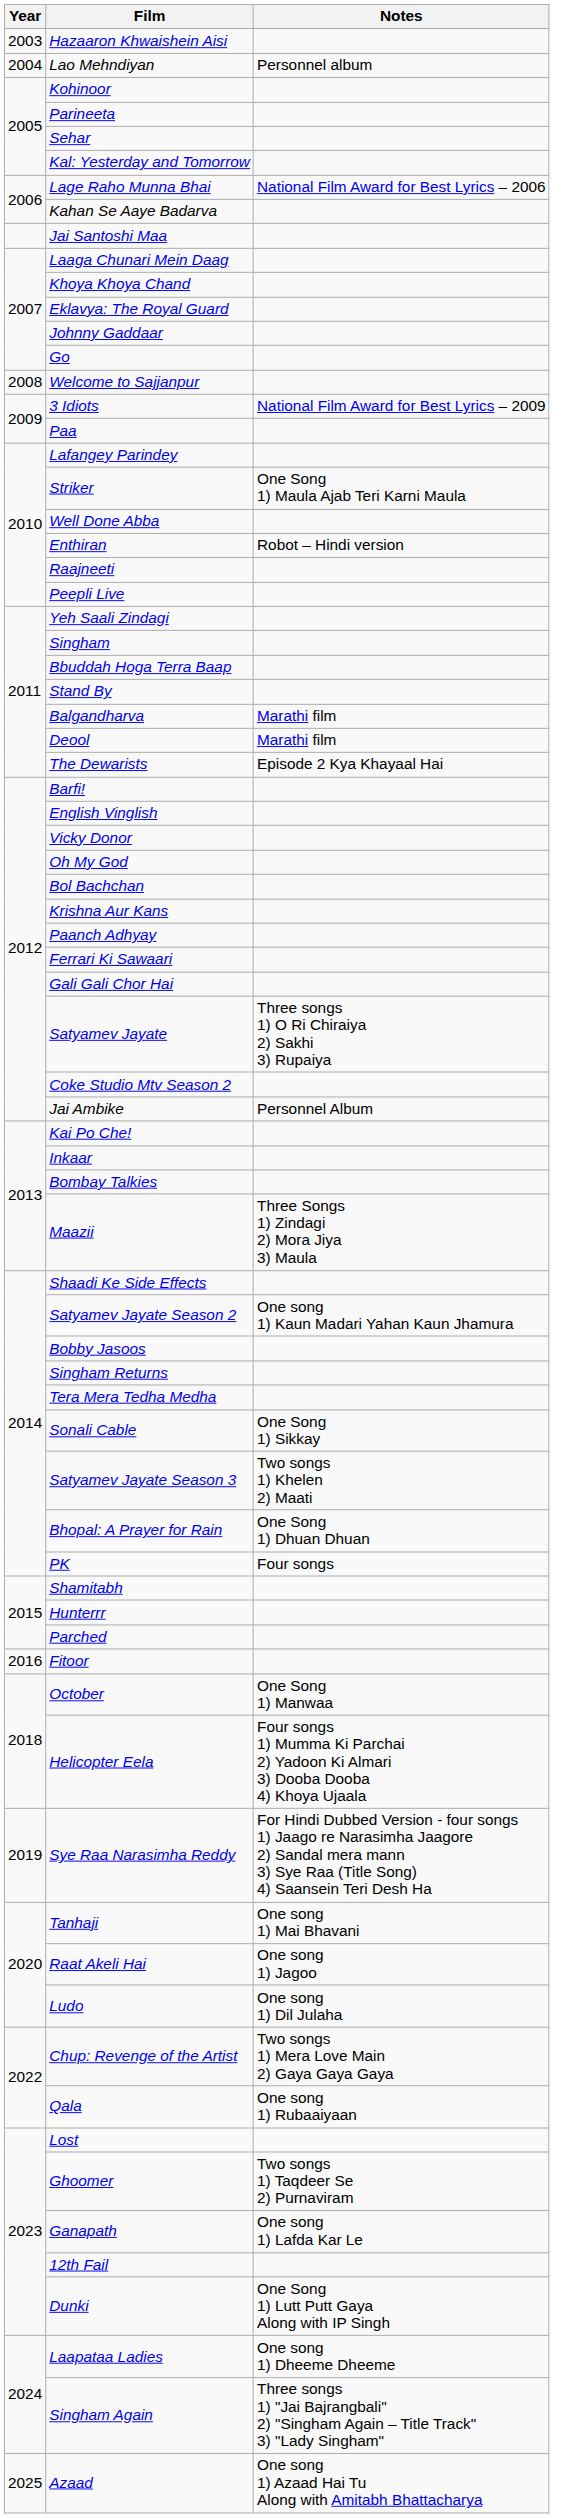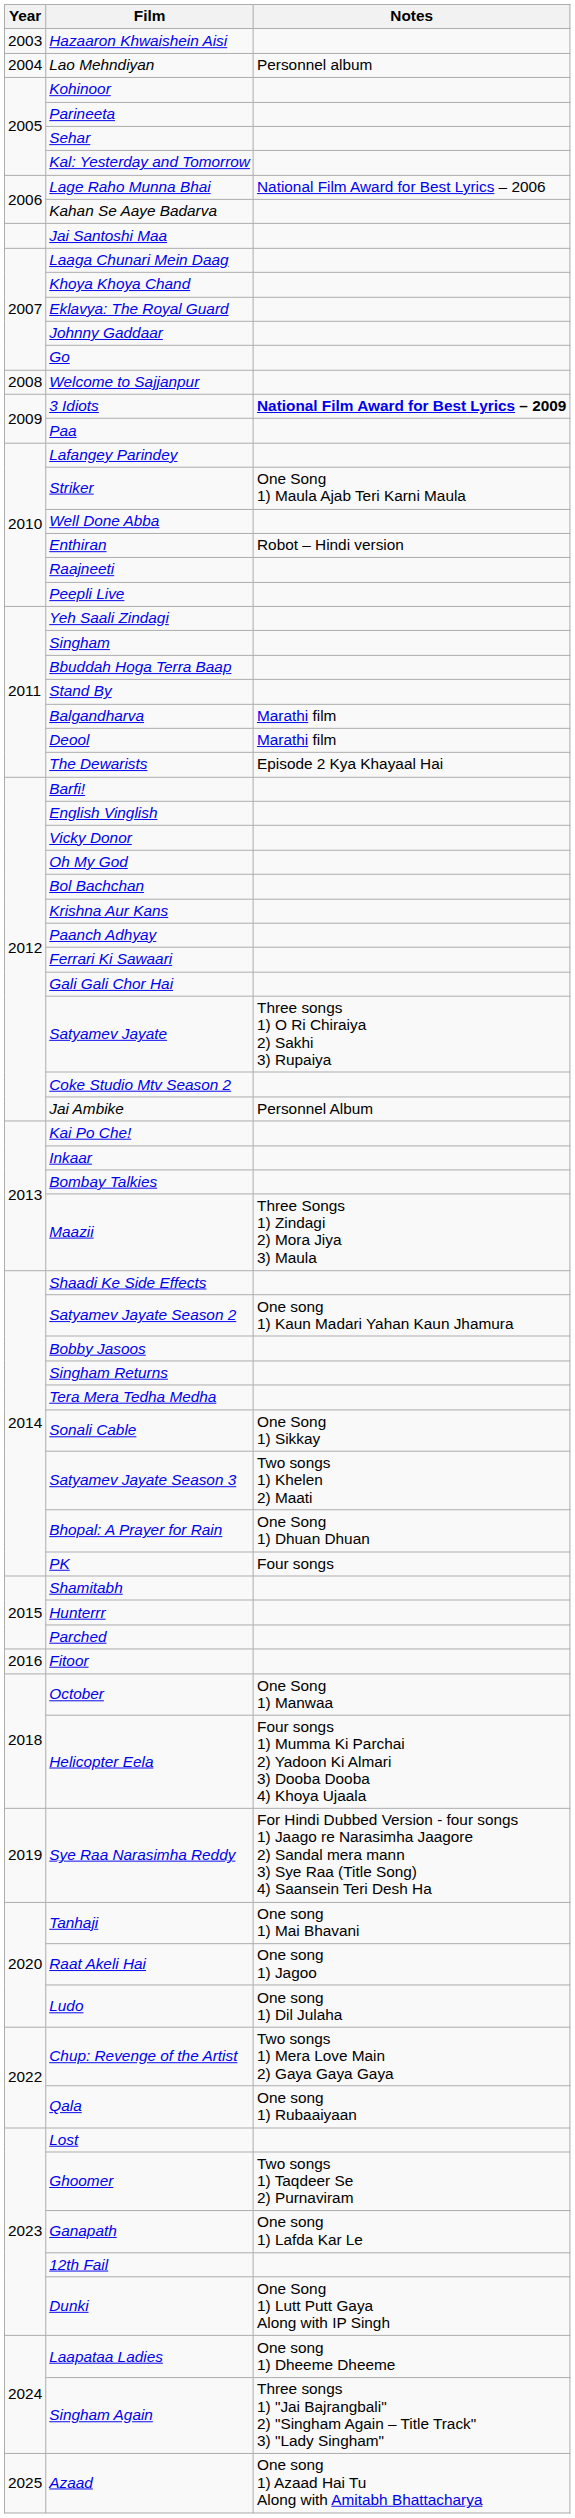 <table class="wikitable sortable">
 <tr style="background:#ccc; text-align:center;">
 <th>Year</th>
 <th>Film</th>
 <th>Notes</th>
 </tr>
 <tr>
 <td>2003</td>
 <td><em><a href='#'>Hazaaron Khwaishein Aisi</a></em></td>
 <td></td>
 </tr>
 <tr>
 <td>2004</td>
 <td><em>Lao Mehndiyan</em></td>
 <td>Personnel album</td>
 </tr>
 <tr>
 <td rowspan="4">2005</td>
 <td><em><a href='#'>Kohinoor</a></em></td>
 <td></td>
 </tr>
 <tr>
 <td><em><a href='#'>Parineeta</a></em></td>
 <td></td>
 </tr>
 <tr>
 <td><em><a href='#'>Sehar</a></em></td>
 <td></td>
 </tr>
 <tr>
 <td><em><a href='#'>Kal: Yesterday and Tomorrow</a></em></td>
 <td></td>
 </tr>
 <tr>
 <td rowspan="2">2006</td>
 <td><em><a href='#'>Lage Raho Munna Bhai</a></em></td>
 <td><a href='#'>National Film Award for Best Lyrics</a> – 2006</td>
 </tr>
 <tr>
 <td><em>Kahan Se Aaye Badarva</em></td>
 <td></td>
 </tr>
 <tr>
 <td></td>
 <td><em><a href='#'>Jai Santoshi Maa</a></em></td>
 <td></td>
 </tr>
 <tr>
 <td rowspan="5">2007</td>
 <td><em><a href='#'>Laaga Chunari Mein Daag</a></em></td>
 <td></td>
 </tr>
 <tr>
 <td><em><a href='#'>Khoya Khoya Chand</a></em></td>
 <td></td>
 </tr>
 <tr>
 <td><em><a href='#'>Eklavya: The Royal Guard</a></em></td>
 <td></td>
 </tr>
 <tr>
 <td><em><a href='#'>Johnny Gaddaar</a></em></td>
 <td></td>
 </tr>
 <tr>
 <td><a href='#'><em>Go</em></a></td>
 <td></td>
 </tr>
 <tr>
 <td>2008</td>
 <td><em><a href='#'>Welcome to Sajjanpur</a></em></td>
 <td></td>
 </tr>
 <tr>
 <td rowspan="2">2009</td>
 <td><em><a href='#'>3 Idiots</a></em></td>
-<td><a href='#'>National Film Award for Best Lyrics</a> – 2009</td>
+<td><strong><a href='#'>National Film Award for Best Lyrics</a> – 2009</strong></td>
 </tr>
 <tr>
 <td><a href='#'><em>Paa</em></a></td>
 <td></td>
 </tr>
 <tr>
 <td rowspan="6">2010</td>
 <td><em><a href='#'>Lafangey Parindey</a></em></td>
 <td></td>
 </tr>
 <tr>
 <td><a href='#'><em>Striker</em></a></td>
 <td>One Song<br>1) Maula Ajab Teri Karni Maula</td>
 </tr>
 <tr>
 <td><em><a href='#'>Well Done Abba</a></em></td>
 <td></td>
 </tr>
 <tr>
 <td><em><a href='#'>Enthiran</a></em></td>
 <td>Robot – Hindi version</td>
 </tr>
 <tr>
 <td><em><a href='#'>Raajneeti</a></em></td>
 <td></td>
 </tr>
 <tr>
 <td><em><a href='#'>Peepli Live</a></em></td>
 <td></td>
 </tr>
 <tr>
 <td rowspan="7">2011</td>
 <td><em><a href='#'>Yeh Saali Zindagi</a></em></td>
 <td></td>
 </tr>
 <tr>
 <td><em><a href='#'>Singham</a></em></td>
 <td></td>
 </tr>
 <tr>
 <td><a href='#'><em>Bbuddah Hoga Terra Baap</em></a></td>
 <td></td>
 </tr>
 <tr>
 <td><a href='#'><em>Stand By</em></a></td>
 <td></td>
 </tr>
 <tr>
 <td><a href='#'><em>Balgandharva</em></a></td>
 <td><a href='#'>Marathi</a> film</td>
 </tr>
 <tr>
 <td><em><a href='#'>Deool</a></em></td>
 <td><a href='#'>Marathi</a> film</td>
 </tr>
 <tr>
 <td><em><a href='#'>The Dewarists</a></em></td>
 <td>Episode 2 Kya Khayaal Hai</td>
 </tr>
 <tr>
 <td rowspan="12">2012</td>
 <td><em><a href='#'>Barfi!</a></em></td>
 <td></td>
 </tr>
 <tr>
 <td><em><a href='#'>English Vinglish</a></em></td>
 <td></td>
 </tr>
 <tr>
 <td><em><a href='#'>Vicky Donor</a></em></td>
 <td></td>
 </tr>
 <tr>
 <td><a href='#'><em>Oh My God</em></a></td>
 <td></td>
 </tr>
 <tr>
 <td><em><a href='#'>Bol Bachchan</a></em></td>
 <td></td>
 </tr>
 <tr>
 <td><em><a href='#'>Krishna Aur Kans</a></em></td>
 <td></td>
 </tr>
 <tr>
 <td><em><a href='#'>Paanch Adhyay</a></em></td>
 <td></td>
 </tr>
 <tr>
 <td><em><a href='#'>Ferrari Ki Sawaari</a></em></td>
 <td></td>
 </tr>
 <tr>
 <td><em><a href='#'>Gali Gali Chor Hai</a></em></td>
 <td></td>
 </tr>
 <tr>
 <td><a href='#'><em>Satyamev Jayate</em></a></td>
 <td>Three songs<br>1) O Ri Chiraiya<br>2) Sakhi<br>3) Rupaiya</td>
 </tr>
 <tr>
 <td><a href='#'><em>Coke Studio Mtv Season 2</em></a></td>
 <td></td>
 </tr>
 <tr>
 <td><em>Jai Ambike</em></td>
 <td>Personnel Album</td>
 </tr>
 <tr>
 <td rowspan="4">2013</td>
 <td><em><a href='#'>Kai Po Che!</a></em></td>
 <td></td>
 </tr>
 <tr>
 <td><a href='#'><em>Inkaar</em></a></td>
 <td></td>
 </tr>
 <tr>
 <td><a href='#'><em>Bombay Talkies</em></a></td>
 <td></td>
 </tr>
 <tr>
 <td><em><a href='#'>Maazii</a></em></td>
 <td>Three Songs<br>1) Zindagi<br>2) Mora Jiya<br>3) Maula</td>
 </tr>
 <tr>
 <td rowspan="9">2014</td>
 <td><em><a href='#'>Shaadi Ke Side Effects</a></em></td>
 <td></td>
 </tr>
 <tr>
 <td><a href='#'><em>Satyamev Jayate Season 2</em></a></td>
 <td>One song<br>1) Kaun Madari Yahan Kaun Jhamura</td>
 </tr>
 <tr>
 <td><em><a href='#'>Bobby Jasoos</a></em></td>
 <td></td>
 </tr>
 <tr>
 <td><em><a href='#'>Singham Returns</a></em></td>
 <td></td>
 </tr>
 <tr>
 <td><em><a href='#'>Tera Mera Tedha Medha</a></em></td>
 <td></td>
 </tr>
 <tr>
 <td><em><a href='#'>Sonali Cable</a></em></td>
 <td>One Song<br>1) Sikkay</td>
 </tr>
 <tr>
 <td><a href='#'><em>Satyamev Jayate Season 3</em></a></td>
 <td>Two songs<br>1) Khelen<br>2) Maati</td>
 </tr>
 <tr>
 <td><em><a href='#'>Bhopal: A Prayer for Rain</a></em></td>
 <td>One Song<br>1) Dhuan Dhuan</td>
 </tr>
 <tr>
 <td><a href='#'><em>PK</em></a></td>
 <td>Four songs</td>
 </tr>
 <tr>
 <td rowspan="3">2015</td>
 <td><em><a href='#'>Shamitabh</a></em></td>
 <td></td>
 </tr>
 <tr>
 <td><em><a href='#'>Hunterrr</a></em></td>
 <td></td>
 </tr>
 <tr>
 <td><em><a href='#'>Parched</a></em></td>
 <td></td>
 </tr>
 <tr>
 <td>2016</td>
 <td><em><a href='#'>Fitoor</a></em></td>
 <td></td>
 </tr>
 <tr>
 <td rowspan="2">2018</td>
 <td><a href='#'><em>October</em></a></td>
 <td>One Song <br>1) Manwaa</td>
 </tr>
 <tr>
 <td><em><a href='#'>Helicopter Eela</a></em></td>
 <td>Four songs <br>1) Mumma Ki Parchai<br>2) Yadoon Ki Almari<br>3) Dooba Dooba<br>4) Khoya Ujaala</td>
 </tr>
 <tr>
 <td>2019</td>
 <td><em><a href='#'>Sye Raa Narasimha Reddy</a></em></td>
 <td>For Hindi Dubbed Version - four songs <br>1) Jaago re Narasimha Jaagore<br>2) Sandal mera mann<br>3) Sye Raa (Title Song)<br>4) Saansein Teri Desh Ha</td>
 </tr>
 <tr>
 <td rowspan="3">2020</td>
 <td><em><a href='#'>Tanhaji</a></em></td>
 <td>One song<br>1) Mai Bhavani</td>
 </tr>
 <tr>
 <td><em><a href='#'>Raat Akeli Hai</a></em></td>
 <td>One song<br>1) Jagoo</td>
 </tr>
 <tr>
 <td><a href='#'><em>Ludo</em></a></td>
 <td>One song<br>1) Dil Julaha</td>
 </tr>
 <tr>
 <td rowspan="2">2022</td>
 <td><em><a href='#'>Chup: Revenge of the Artist</a></em></td>
 <td>Two songs <br>1) Mera Love Main<br>2) Gaya Gaya Gaya</td>
 </tr>
 <tr>
 <td><em><a href='#'>Qala</a></em></td>
 <td>One song<br>1) Rubaaiyaan</td>
 </tr>
 <tr>
 <td rowspan=5>2023</td>
 <td><em><a href='#'>Lost</a></em></td>
 <td></td>
 </tr>
 <tr>
 <td><em><a href='#'>Ghoomer</a></em></td>
 <td>Two songs <br> 1) Taqdeer Se <br> 2) Purnaviram</td>
 </tr>
 <tr>
 <td><em><a href='#'>Ganapath</a></em></td>
 <td>One song <br> 1) Lafda Kar Le</td>
 </tr>
 <tr>
 <td><em><a href='#'>12th Fail</a></em></td>
 <td></td>
 </tr>
 <tr>
 <td><em><a href='#'>Dunki</a></em></td>
 <td>One Song <br> 1) Lutt Putt Gaya <br> Along with IP Singh</td>
 </tr>
 <tr>
 <td rowspan=2>2024</td>
 <td><em><a href='#'>Laapataa Ladies</a></em></td>
 <td>One song<br>1) Dheeme Dheeme</td>
 </tr>
 <tr>
 <td><em><a href='#'>Singham Again</a></em></td>
 <td>Three songs<br>1) "Jai Bajrangbali" <br> 2) "Singham Again – Title Track"	<br> 3) "Lady Singham"</td>
 </tr>
 <tr>
 <td>2025</td>
 <td><em><a href='#'>Azaad</a></em></td>
 <td>One song<br>1) Azaad Hai Tu<br>Along with <a href='#'>Amitabh Bhattacharya</a></td>
 </tr>
 </table>
